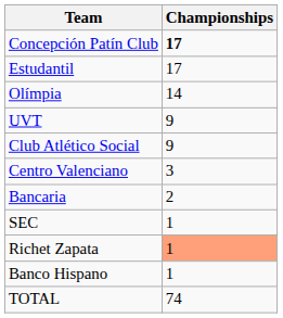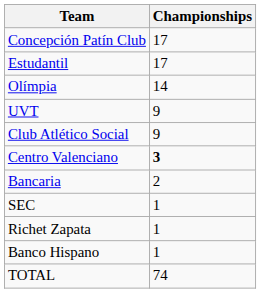 <table class="wikitable">
 <tr>
 <th>Team</th>
 <th>Championships</th>
 </tr>
 <tr>
 <td><a href='#'>Concepción Patín Club</a></td>
-<td><strong>17</strong></td>
+<td>17</td>
 </tr>
 <tr>
 <td><a href='#'>Estudantil</a></td>
 <td>17</td>
 </tr>
 <tr>
 <td><a href='#'>Olímpia</a></td>
 <td>14</td>
 </tr>
 <tr>
 <td><a href='#'>UVT</a></td>
 <td>9</td>
 </tr>
 <tr>
 <td><a href='#'>Club Atlético Social</a></td>
 <td>9</td>
 </tr>
 <tr>
 <td><a href='#'>Centro Valenciano</a></td>
-<td>3</td>
+<td><strong>3</strong></td>
 </tr>
 <tr>
 <td><a href='#'>Bancaria</a></td>
 <td>2</td>
 </tr>
 <tr>
 <td>SEC</td>
 <td>1</td>
 </tr>
 <tr>
 <td>Richet Zapata</td>
-<td style="background: lightsalmon;">1</td>
+<td>1</td>
 </tr>
 <tr>
 <td>Banco Hispano</td>
 <td>1</td>
 </tr>
 <tr>
 <td>TOTAL</td>
 <td>74</td>
 </tr>
 </table>
